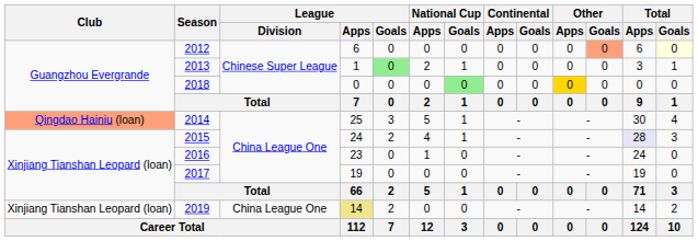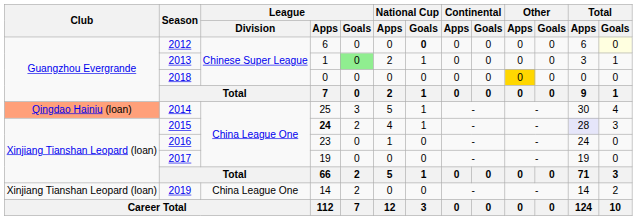 <table class="wikitable" style="text-align: center">
 <tr>
 <th rowspan="2">Club</th>
 <th rowspan="2">Season</th>
 <th colspan="3">League</th>
 <th colspan="2">National Cup</th>
 <th colspan="2">Continental</th>
 <th colspan="2">Other</th>
 <th colspan="2">Total</th>
 </tr>
 <tr>
 <th>Division</th>
 <th>Apps</th>
 <th>Goals</th>
 <th>Apps</th>
 <th>Goals</th>
 <th>Apps</th>
 <th>Goals</th>
 <th>Apps</th>
 <th>Goals</th>
 <th>Apps</th>
 <th>Goals</th>
 </tr>
 <tr>
 <td rowspan=4><a href='#'>Guangzhou Evergrande</a></td>
 <td><a href='#'>2012</a></td>
 <td rowspan=3><a href='#'>Chinese Super League</a></td>
 <td>6</td>
 <td>0</td>
 <td>0</td>
+<td><strong>0</strong></td>
 <td>0</td>
 <td>0</td>
 <td>0</td>
 <td>0</td>
-<td style="background: lightsalmon;">0</td>
 <td>6</td>
 <td style="background: lightyellow;">0</td>
 </tr>
 <tr>
 <td><a href='#'>2013</a></td>
 <td>1</td>
 <td style="background: lightgreen;">0</td>
 <td>2</td>
 <td>1</td>
 <td>0</td>
 <td>0</td>
 <td>0</td>
 <td>0</td>
 <td>3</td>
 <td>1</td>
 </tr>
 <tr>
 <td><a href='#'>2018</a></td>
 <td>0</td>
 <td>0</td>
 <td>0</td>
-<td style="background: lightgreen;">0</td>
+<td>0</td>
 <td>0</td>
 <td>0</td>
 <td style="background: gold;">0</td>
 <td>0</td>
 <td>0</td>
 <td>0</td>
 </tr>
 <tr>
 <th colspan="2"><strong>Total</strong></th>
 <th>7</th>
 <th>0</th>
 <th>2</th>
 <th>1</th>
 <th>0</th>
 <th>0</th>
 <th>0</th>
 <th>0</th>
 <th>9</th>
 <th>1</th>
 </tr>
 <tr>
 <td style="background: lightsalmon;"><a href='#'>Qingdao Hainiu</a> (loan)</td>
 <td><a href='#'>2014</a></td>
 <td rowspan="4"><a href='#'>China League One</a></td>
 <td>25</td>
 <td>3</td>
 <td>5</td>
 <td>1</td>
 <td colspan="2">-</td>
 <td colspan="2">-</td>
 <td>30</td>
 <td>4</td>
 </tr>
 <tr>
 <td rowspan="4"><a href='#'>Xinjiang Tianshan Leopard</a> (loan)</td>
 <td><a href='#'>2015</a></td>
-<td>24</td>
+<td><strong>24</strong></td>
 <td>2</td>
 <td>4</td>
 <td>1</td>
 <td colspan="2">-</td>
 <td colspan="2">-</td>
 <td style="background: lavender;">28</td>
 <td>3</td>
 </tr>
 <tr>
 <td><a href='#'>2016</a></td>
 <td>23</td>
 <td>0</td>
 <td>1</td>
 <td>0</td>
 <td colspan="2">-</td>
 <td colspan="2">-</td>
 <td>24</td>
 <td>0</td>
 </tr>
 <tr>
 <td><a href='#'>2017</a></td>
 <td>19</td>
 <td>0</td>
 <td>0</td>
 <td>0</td>
 <td colspan="2">-</td>
 <td colspan="2">-</td>
 <td>19</td>
 <td>0</td>
 </tr>
 <tr>
 <th colspan="2"><strong>Total</strong></th>
 <th>66</th>
 <th>2</th>
 <th>5</th>
 <th>1</th>
 <th>0</th>
 <th>0</th>
 <th>0</th>
 <th>0</th>
 <th>71</th>
 <th>3</th>
 </tr>
 <tr>
 <td>Xinjiang Tianshan Leopard (loan)</td>
 <td><a href='#'>2019</a></td>
 <td>China League One</td>
-<td style="background: khaki;">14</td>
+<td>14</td>
 <td>2</td>
 <td>0</td>
 <td>0</td>
 <td colspan="2">-</td>
 <td colspan="2">-</td>
 <td>14</td>
 <td>2</td>
 </tr>
 <tr>
 <th colspan=3>Career Total</th>
 <th>112</th>
 <th>7</th>
 <th>12</th>
 <th>3</th>
 <th>0</th>
 <th>0</th>
 <th>0</th>
 <th>0</th>
 <th>124</th>
 <th>10</th>
 </tr>
 </table>
